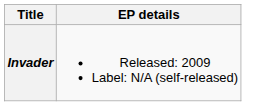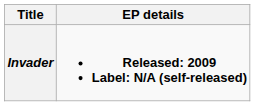 <table class="wikitable plainrowheaders" style="text-align:center;">
 <tr>
 <th scope="col">Title</th>
 <th scope="col">EP details</th>
 </tr>
 <tr>
 <th scope="row"><em>Invader</em></th>
-<td><br><ul><li>Released: 2009</li><li>Label: N/A (self-released)</li></ul></td>
+<td><strong><br><ul><li>Released: 2009</li><li>Label: N/A (self-released)</li></ul></strong></td>
 </tr>
 </table>
